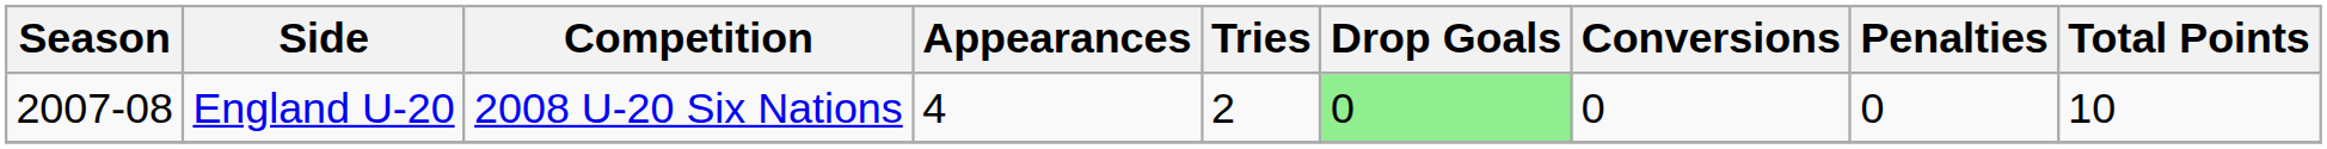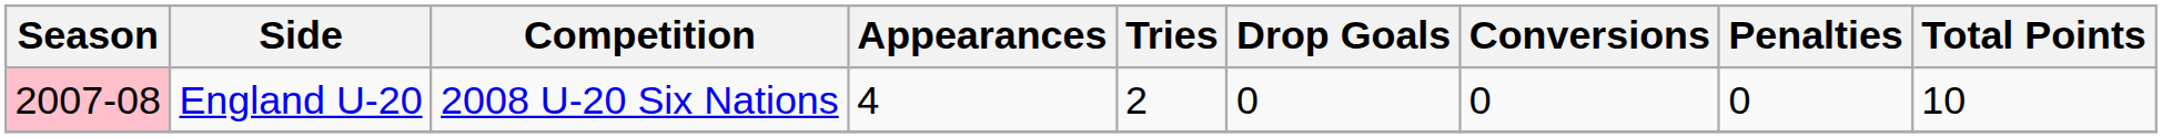 <table class="wikitable sortable">
 <tr>
 <th>Season</th>
 <th>Side</th>
 <th>Competition</th>
 <th>Appearances</th>
 <th>Tries</th>
 <th>Drop Goals</th>
 <th>Conversions</th>
 <th>Penalties</th>
 <th>Total Points</th>
 </tr>
 <tr>
-<td>2007-08</td>
+<td style="background: pink;">2007-08</td>
 <td><a href='#'>England U-20</a></td>
 <td><a href='#'>2008 U-20 Six Nations</a></td>
 <td>4</td>
 <td>2</td>
-<td style="background: lightgreen;">0</td>
+<td>0</td>
 <td>0</td>
 <td>0</td>
 <td>10</td>
 </tr>
 <tr>
 </tr>
 </table>
